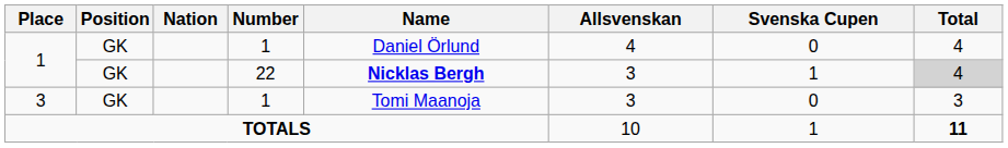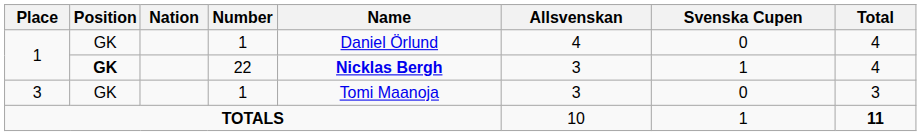 <table class="wikitable" style="font-size: 95%; text-align: center;">
 <tr>
 <th width=60>Place</th>
 <th width=60>Position</th>
 <th width=60>Nation</th>
 <th width=60>Number</th>
 <th width=250>Name</th>
 <th width=150>Allsvenskan</th>
 <th width=200>Svenska Cupen</th>
 <th width=80><strong>Total</strong></th>
 </tr>
 <tr>
 <td rowspan="2">1</td>
 <td>GK</td>
 <td></td>
 <td>1</td>
 <td><a href='#'>Daniel Örlund</a></td>
 <td>4</td>
 <td>0</td>
 <td>4</td>
 </tr>
 <tr>
-<td>GK</td>
+<td><strong>GK</strong></td>
 <td></td>
 <td>22</td>
 <td><strong><a href='#'>Nicklas Bergh</a></strong></td>
 <td>3</td>
 <td>1</td>
-<td style="background: lightgrey;">4</td>
+<td>4</td>
 </tr>
 <tr>
 <td>3</td>
 <td>GK</td>
 <td></td>
 <td>1</td>
 <td><a href='#'>Tomi Maanoja</a></td>
 <td>3</td>
 <td>0</td>
 <td>3</td>
 </tr>
 <tr>
 <td colspan="5"><strong>TOTALS</strong></td>
 <td>10</td>
 <td>1</td>
 <td><strong>11</strong></td>
 </tr>
 </table>
